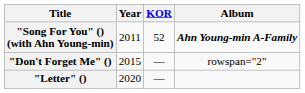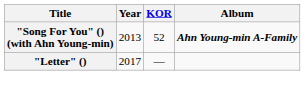 <table class="wikitable plainrowheaders" style="text-align:center">
 <tr>
 <th scope="col">Title</th>
 <th scope="col">Year</th>
 <th><a href='#'>KOR</a><br></th>
 <th scope="col">Album</th>
 </tr>
 <tr>
 <th scope="row">"Song For You" ()<br><span>(with Ahn Young-min)</span></th>
-<td>2011</td>
+<td>2013</td>
 <td>52</td>
 <td><strong><em>Ahn Young-min A-Family</em></strong></td>
 </tr>
 <tr>
-<th scope="row">"Don't Forget Me" ()</th>
-<td>2015</td>
-<td —>—</td>
-<td>rowspan="2" </td>
-</tr>
-<tr>
 <th scope="row">"Letter" () </th>
-<td>2020</td>
+<td>2017</td>
 <td>—</td>
 </tr>
 </table>
